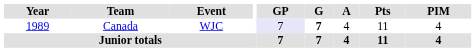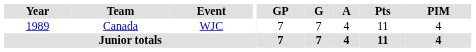 <table border="0" cellpadding="1" cellspacing="0" ID="Table3" style="text-align:center; width:40em">
 <tr bgcolor="#e0e0e0">
 <th>Year</th>
 <th>Team</th>
 <th>Event</th>
 <th rowspan="102" bgcolor="#ffffff"></th>
 <th>GP</th>
 <th>G</th>
 <th>A</th>
 <th>Pts</th>
 <th>PIM</th>
 </tr>
 <tr>
 <td><a href='#'>1989</a></td>
 <td><a href='#'>Canada</a></td>
 <td><a href='#'>WJC</a></td>
-<td style="background: lavender;">7</td>
-<td><strong>7</strong></td>
+<td>7</td>
+<td>7</td>
 <td>4</td>
 <td>11</td>
 <td>4</td>
 </tr>
 <tr bgcolor="#e0e0e0">
 <th colspan="4">Junior totals</th>
 <th>7</th>
 <th>7</th>
 <th>4</th>
 <th>11</th>
 <th>4</th>
 </tr>
 </table>
